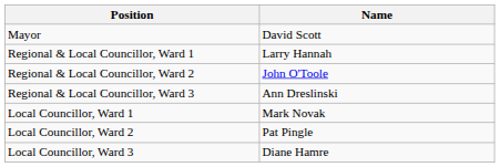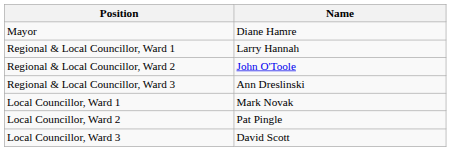 <table class="wikitable" style="width:50%;">
 <tr>
 <th bgcolor="#DDDDFF" width="50px">Position</th>
 <th bgcolor="#DDDDFF" width="50px">Name</th>
 </tr>
 <tr>
 <td>Mayor</td>
-<td>David Scott</td>
+<td>Diane Hamre</td>
 </tr>
 <tr>
 <td>Regional & Local Councillor, Ward 1</td>
 <td>Larry Hannah</td>
 </tr>
 <tr>
 <td>Regional & Local Councillor, Ward 2</td>
 <td><a href='#'>John O'Toole</a></td>
 </tr>
 <tr>
 <td>Regional & Local Councillor, Ward 3</td>
 <td>Ann Dreslinski</td>
 </tr>
 <tr>
 <td>Local Councillor, Ward 1</td>
 <td>Mark Novak</td>
 </tr>
 <tr>
 <td>Local Councillor, Ward 2</td>
 <td>Pat Pingle</td>
 </tr>
 <tr>
 <td>Local Councillor, Ward 3</td>
-<td>Diane Hamre</td>
+<td>David Scott</td>
 </tr>
 </table>
